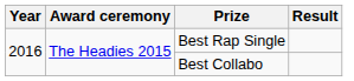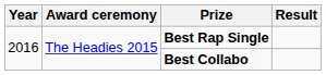 <table class ="wikitable">
 <tr>
 <th>Year</th>
 <th>Award ceremony</th>
 <th>Prize</th>
 <th>Result</th>
 </tr>
 <tr>
 <td rowspan="2">2016</td>
 <td rowspan="2"><a href='#'>The Headies 2015</a></td>
-<td>Best Rap Single</td>
+<td><strong>Best Rap Single</strong></td>
 <td></td>
 </tr>
 <tr>
-<td>Best Collabo</td>
+<td><strong>Best Collabo</strong></td>
 <td></td>
 </tr>
 </table>
